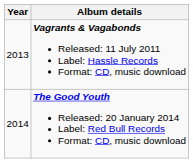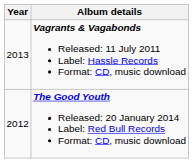 <table class="wikitable">
 <tr>
 <th>Year</th>
 <th>Album details</th>
 </tr>
 <tr>
 <td>2013</td>
 <td><strong><em>Vagrants & Vagabonds</em></strong><br><ul><li>Released: 11 July 2011</li><li>Label: <a href='#'>Hassle Records</a></li><li>Format: <a href='#'>CD</a>, music download</li></ul></td>
 </tr>
 <tr>
-<td>2014</td>
+<td>2012</td>
 <td><strong><em><a href='#'>The Good Youth</a></em></strong><br><ul><li>Released: 20 January 2014</li><li>Label: <a href='#'>Red Bull Records</a></li><li>Format: <a href='#'>CD</a>, music download</li></ul></td>
 </tr>
 </table>
